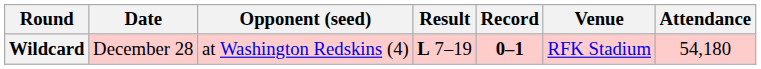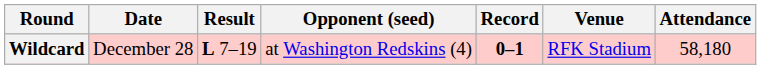 <table class="wikitable" style="text-align:center">
 <tr>
 <th>Round</th>
 <th>Date</th>
+<th>Result</th>
 <th>Opponent (seed)</th>
-<th>Result</th>
 <th>Record</th>
 <th>Venue</th>
 <th>Attendance</th>
 </tr>
 <tr style="background:#fcc">
 <th>Wildcard</th>
 <td>December 28</td>
+<td><strong>L</strong> 7–19</td>
 <td>at <a href='#'>Washington Redskins</a> (4)</td>
-<td><strong>L</strong> 7–19</td>
 <td><strong>0–1</strong></td>
 <td><a href='#'>RFK Stadium</a></td>
-<td>54,180</td>
+<td>58,180</td>
 </tr>
 </table>
